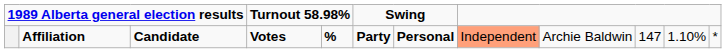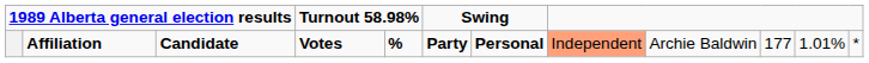 <table class="wikitable">
 <tr>
 <td colspan="3" align=center><strong><a href='#'>1989 Alberta general election</a> results</strong></td>
 <td colspan="2"><strong>Turnout 58.98%</strong></td>
 <td colspan="2" align=center><strong>Swing</strong></td>
 </tr>
 <tr>
 <th style="width: 10px;"></th>
 <td><strong>Affiliation</strong></td>
 <td><strong>Candidate</strong></td>
 <td><strong>Votes</strong></td>
 <td><strong>%</strong></td>
 <td><strong>Party</strong></td>
 <td><strong>Personal</strong><br>   </td>
 <td style="background: lightsalmon;">Independent</td>
 <td>Archie Baldwin</td>
-<td>147</td>
-<td>1.10%</td>
+<td>177</td>
+<td>1.01%</td>
 <td align=center colspan=2>*<br>   </td>
 </tr>
 </table>
